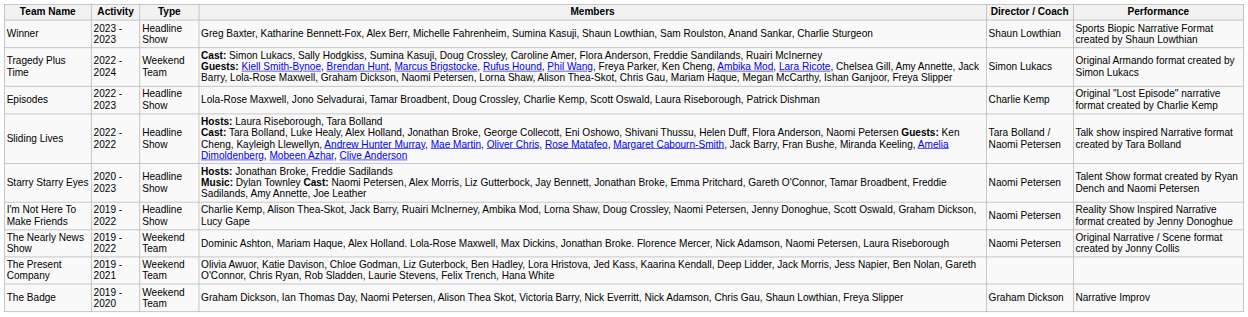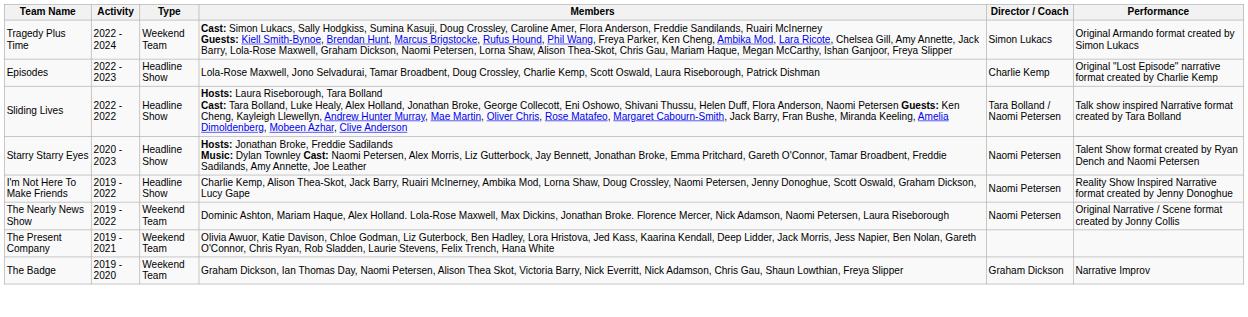 <table class="wikitable">
 <tr>
 <th>Team Name</th>
 <th>Activity</th>
 <th>Type</th>
 <th>Members</th>
 <th>Director / Coach</th>
 <th>Performance</th>
-</tr>
-<tr>
-<td>Winner</td>
-<td>2023 - 2023</td>
-<td>Headline Show</td>
-<td>Greg Baxter, Katharine Bennett-Fox, Alex Berr, Michelle Fahrenheim, Sumina Kasuji, Shaun Lowthian, Sam Roulston, Anand Sankar, Charlie Sturgeon</td>
-<td>Shaun Lowthian</td>
-<td>Sports Biopic Narrative Format created by Shaun Lowthian</td>
 </tr>
 <tr>
 <td>Tragedy Plus Time</td>
 <td>2022 - 2024</td>
 <td>Weekend Team</td>
 <td><strong>Cast:</strong> Simon Lukacs, Sally Hodgkiss, Sumina Kasuji, Doug Crossley, Caroline Amer, Flora Anderson, Freddie Sandilands, Ruairi McInerney<br><strong>Guests:</strong> <a href='#'>Kiell Smith-Bynoe</a>, <a href='#'>Brendan Hunt</a>, <a href='#'>Marcus Brigstocke</a>, <a href='#'>Rufus Hound</a>, <a href='#'>Phil Wang</a>, Freya Parker, Ken Cheng, <a href='#'>Ambika Mod</a>, <a href='#'>Lara Ricote</a>, Chelsea Gill, Amy Annette, Jack Barry, Lola-Rose Maxwell, Graham Dickson, Naomi Petersen, Lorna Shaw, Alison Thea-Skot, Chris Gau, Mariam Haque, Megan McCarthy, Ishan Ganjoor, Freya Slipper</td>
 <td>Simon Lukacs</td>
 <td>Original Armando format created by Simon Lukacs</td>
 </tr>
 <tr>
 <td>Episodes</td>
 <td>2022 - 2023</td>
 <td>Headline Show</td>
 <td>Lola-Rose Maxwell, Jono Selvadurai, Tamar Broadbent, Doug Crossley, Charlie Kemp, Scott Oswald, Laura Riseborough, Patrick Dishman</td>
 <td>Charlie Kemp</td>
 <td>Original "Lost Episode" narrative format created by Charlie Kemp</td>
 </tr>
 <tr>
 <td>Sliding Lives</td>
 <td>2022 - 2022</td>
 <td>Headline Show</td>
 <td><strong>Hosts:</strong> Laura Riseborough, Tara Bolland<br><strong>Cast:</strong> Tara Bolland, Luke Healy, Alex Holland, Jonathan Broke, George Collecott, Eni Oshowo, Shivani Thussu, Helen Duff, Flora Anderson, Naomi Petersen <strong>Guests:</strong> Ken Cheng, Kayleigh Llewellyn, <a href='#'>Andrew Hunter Murray</a>, <a href='#'>Mae Martin</a>, <a href='#'>Oliver Chris</a>, <a href='#'>Rose Matafeo</a>, <a href='#'>Margaret Cabourn-Smith</a>, Jack Barry, Fran Bushe, Miranda Keeling, <a href='#'>Amelia Dimoldenberg</a>, <a href='#'>Mobeen Azhar</a>, <a href='#'>Clive Anderson</a></td>
 <td>Tara Bolland / Naomi Petersen</td>
 <td>Talk show inspired Narrative format created by Tara Bolland</td>
 </tr>
 <tr>
 <td>Starry Starry Eyes</td>
 <td>2020 - 2023</td>
 <td>Headline Show</td>
 <td><strong>Hosts:</strong> Jonathan Broke, Freddie Sadilands<br><strong>Music:</strong> Dylan Townley <strong>Cast:</strong> Naomi Petersen, Alex Morris, Liz Gutterbock, Jay Bennett, Jonathan Broke, Emma Pritchard, Gareth O'Connor, Tamar Broadbent, Freddie Sadilands, Amy Annette, Joe Leather</td>
 <td>Naomi Petersen</td>
 <td>Talent Show format created by Ryan Dench and Naomi Petersen</td>
 </tr>
 <tr>
 <td>I'm Not Here To Make Friends</td>
 <td>2019 - 2022</td>
 <td>Headline Show</td>
 <td>Charlie Kemp, Alison Thea-Skot, Jack Barry, Ruairi McInerney, Ambika Mod, Lorna Shaw, Doug Crossley, Naomi Petersen, Jenny Donoghue, Scott Oswald, Graham Dickson, Lucy Gape</td>
 <td>Naomi Petersen</td>
 <td>Reality Show Inspired Narrative format created by Jenny Donoghue</td>
 </tr>
 <tr>
 <td>The Nearly News Show</td>
 <td>2019 - 2022</td>
 <td>Weekend Team</td>
 <td>Dominic Ashton, Mariam Haque, Alex Holland. Lola-Rose Maxwell, Max Dickins, Jonathan Broke. Florence Mercer, Nick Adamson, Naomi Petersen, Laura Riseborough</td>
 <td>Naomi Petersen</td>
 <td>Original Narrative / Scene format created by Jonny Collis</td>
 </tr>
 <tr>
 <td>The Present Company</td>
 <td>2019 - 2021</td>
 <td>Weekend Team</td>
 <td>Olivia Awuor, Katie Davison, Chloe Godman, Liz Guterbock, Ben Hadley, Lora Hristova, Jed Kass, Kaarina Kendall, Deep Lidder, Jack Morris, Jess Napier, Ben Nolan, Gareth O'Connor, Chris Ryan, Rob Sladden, Laurie Stevens, Felix Trench, Hana White</td>
 <td></td>
 <td></td>
 </tr>
 <tr>
 <td>The Badge</td>
 <td>2019 - 2020</td>
 <td>Weekend Team</td>
 <td>Graham Dickson, Ian Thomas Day, Naomi Petersen, Alison Thea Skot, Victoria Barry, Nick Everritt, Nick Adamson, Chris Gau, Shaun Lowthian, Freya Slipper</td>
 <td>Graham Dickson</td>
 <td>Narrative Improv</td>
 </tr>
 </table>
